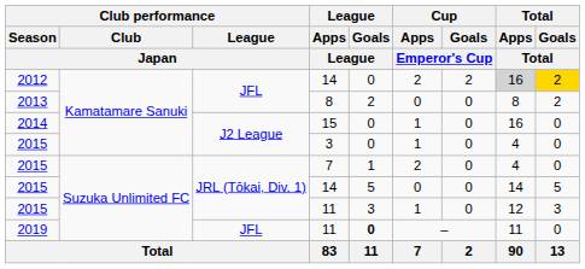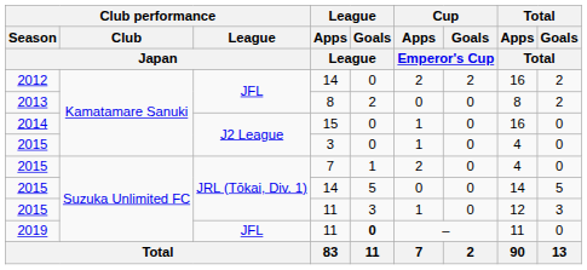 <table class="wikitable" style="text-align:center;">
 <tr>
 <th colspan=3>Club performance</th>
 <th colspan=2>League</th>
 <th colspan=2>Cup</th>
 <th colspan=2>Total</th>
 </tr>
 <tr>
 <th>Season</th>
 <th>Club</th>
 <th>League</th>
 <th>Apps</th>
 <th>Goals</th>
 <th>Apps</th>
 <th>Goals</th>
 <th>Apps</th>
 <th>Goals</th>
 </tr>
 <tr>
 <th colspan=3>Japan</th>
 <th colspan=2>League</th>
 <th colspan=2><a href='#'>Emperor's Cup</a></th>
 <th colspan=2>Total</th>
 </tr>
 <tr>
 <td><a href='#'>2012</a></td>
 <td rowspan="4"><a href='#'>Kamatamare Sanuki</a></td>
 <td rowspan="2"><a href='#'>JFL</a></td>
 <td>14</td>
 <td>0</td>
 <td>2</td>
 <td>2</td>
-<td style="background: lightgrey;">16</td>
-<td style="background: gold;">2</td>
+<td>16</td>
+<td>2</td>
 </tr>
 <tr>
 <td><a href='#'>2013</a></td>
 <td>8</td>
 <td>2</td>
 <td>0</td>
 <td>0</td>
 <td>8</td>
 <td>2</td>
 </tr>
 <tr>
 <td><a href='#'>2014</a></td>
 <td rowspan="2"><a href='#'>J2 League</a></td>
 <td>15</td>
 <td>0</td>
 <td>1</td>
 <td>0</td>
 <td>16</td>
 <td>0</td>
 </tr>
 <tr>
 <td><a href='#'>2015</a></td>
 <td>3</td>
 <td>0</td>
 <td>1</td>
 <td>0</td>
 <td>4</td>
 <td>0</td>
 </tr>
 <tr>
 <td><a href='#'>2015</a></td>
 <td rowspan="4"><a href='#'>Suzuka Unlimited FC</a></td>
 <td rowspan="3"><a href='#'>JRL (Tōkai, Div. 1)</a></td>
 <td>7</td>
 <td>1</td>
 <td>2</td>
 <td>0</td>
 <td>4</td>
 <td>0</td>
 </tr>
 <tr>
 <td><a href='#'>2015</a></td>
 <td>14</td>
 <td>5</td>
 <td>0</td>
 <td>0</td>
 <td>14</td>
 <td>5</td>
 </tr>
 <tr>
 <td><a href='#'>2015</a></td>
 <td>11</td>
 <td>3</td>
 <td>1</td>
 <td>0</td>
 <td>12</td>
 <td>3</td>
 </tr>
 <tr>
 <td><a href='#'>2019</a></td>
 <td><a href='#'>JFL</a></td>
 <td>11</td>
 <td><strong>0</strong></td>
 <td colspan="2">–</td>
 <td>11</td>
 <td>0</td>
 </tr>
 <tr>
 <th colspan=3>Total</th>
 <th>83</th>
 <th>11</th>
 <th>7</th>
 <th>2</th>
 <th>90</th>
 <th>13</th>
 </tr>
 </table>
